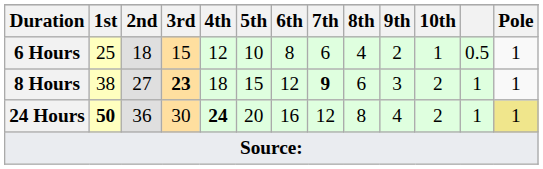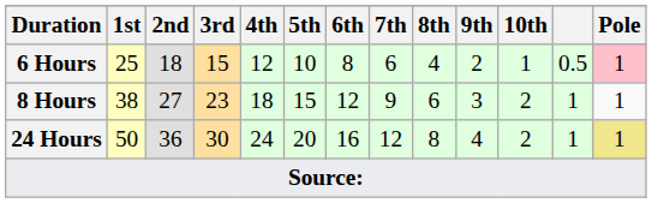 <table class="wikitable" style="font-size:90%; text-align:center;">
 <tr>
 </tr>
 <tr>
 <th>Duration</th>
 <th>1st</th>
 <th>2nd</th>
 <th>3rd</th>
 <th>4th</th>
 <th>5th</th>
 <th>6th</th>
 <th>7th</th>
 <th>8th</th>
 <th>9th</th>
 <th>10th</th>
 <th></th>
 <th>Pole</th>
 </tr>
 <tr>
 <th>6 Hours</th>
 <td style="background:#ffffbf;">25</td>
 <td style="background:#dfdfdf;">18</td>
 <td style="background:#ffdf9f;">15</td>
 <td style="background:#dfffdf;">12</td>
 <td style="background:#dfffdf;">10</td>
 <td style="background:#dfffdf;">8</td>
 <td style="background:#dfffdf;">6</td>
 <td style="background:#dfffdf;">4</td>
 <td style="background:#dfffdf;">2</td>
 <td style="background:#dfffdf;">1</td>
 <td style="background:#dfffdf;">0.5</td>
-<td>1</td>
+<td style="background: pink;">1</td>
 </tr>
 <tr>
 <th>8 Hours</th>
 <td style="background:#ffffbf;">38</td>
 <td style="background:#dfdfdf;">27</td>
-<td style="background:#ffdf9f;"><strong>23</strong></td>
+<td style="background:#ffdf9f;">23</td>
 <td style="background:#dfffdf;">18</td>
 <td style="background:#dfffdf;">15</td>
 <td style="background:#dfffdf;">12</td>
-<td style="background:#dfffdf;"><strong>9</strong></td>
+<td style="background:#dfffdf;">9</td>
 <td style="background:#dfffdf;">6</td>
 <td style="background:#dfffdf;">3</td>
 <td style="background:#dfffdf;">2</td>
 <td style="background:#dfffdf;">1</td>
 <td>1</td>
 </tr>
 <tr>
 <th>24 Hours</th>
-<td style="background:#ffffbf;"><strong>50</strong></td>
+<td style="background:#ffffbf;">50</td>
 <td style="background:#dfdfdf;">36</td>
 <td style="background:#ffdf9f;">30</td>
-<td style="background:#dfffdf;"><strong>24</strong></td>
+<td style="background:#dfffdf;">24</td>
 <td style="background:#dfffdf;">20</td>
 <td style="background:#dfffdf;">16</td>
 <td style="background:#dfffdf;">12</td>
 <td style="background:#dfffdf;">8</td>
 <td style="background:#dfffdf;">4</td>
 <td style="background:#dfffdf;">2</td>
 <td style="background:#dfffdf;">1</td>
 <td style="background: khaki;">1</td>
 </tr>
 <tr class="sortbottom">
 <td colspan="13" style="background-color:#EAECF0;text-align:center"><strong>Source:</strong></td>
 </tr>
 </table>
